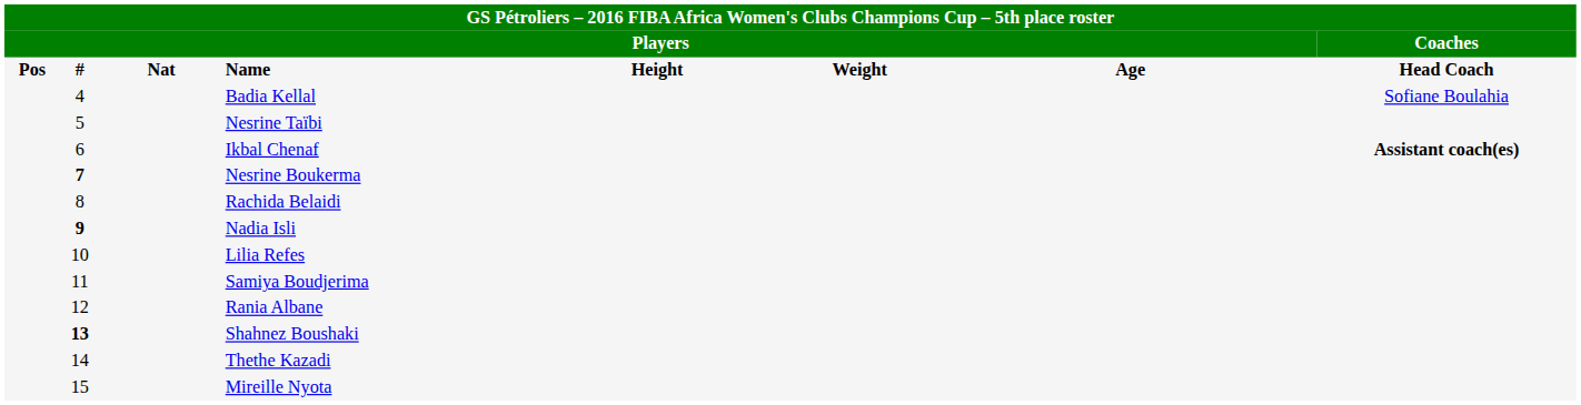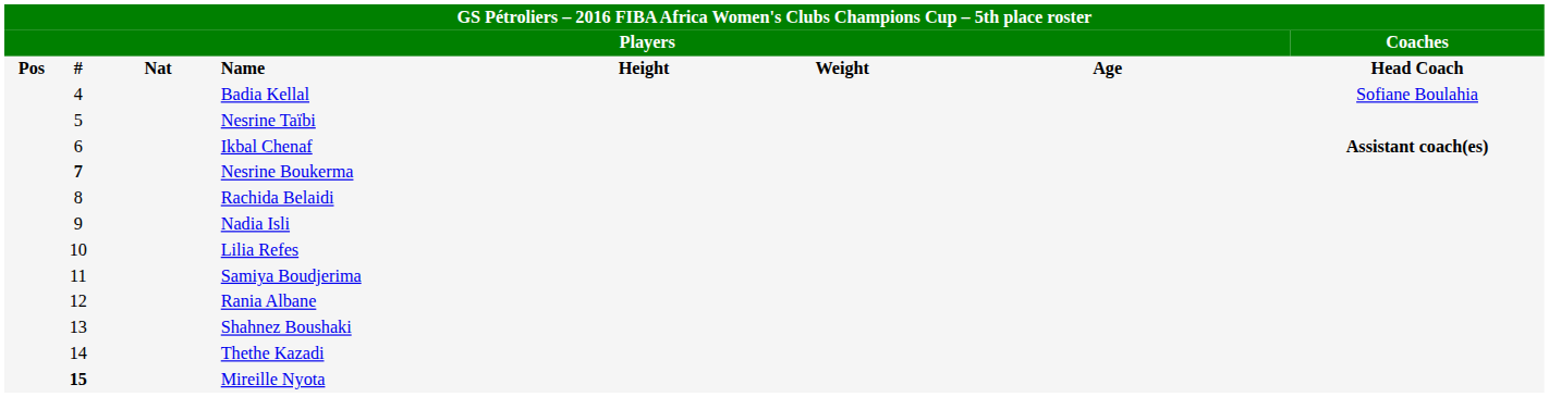 <table border=0 cellpadding=2 cellspacing=0  |- bgcolor=#f5f5f5 style="text-align:center; font-size:85%;" width=75%>
 <tr>
 <td colspan="8" style="background: green; color: white"><strong>GS Pétroliers – 2016 FIBA Africa Women's Clubs Champions Cup – 5th place roster</strong></td>
 </tr>
 <tr>
 <td colspan="7" style="background: green; color: white"><strong>Players</strong></td>
 <td style="background: green; color: white"><strong>Coaches</strong></td>
 </tr>
 <tr style="background=#f5f5f5; color: black">
 <th width=5px>Pos</th>
 <th width=5px>#</th>
 <th width=50px>Nat</th>
 <th width=135px align=left>Name</th>
 <th width=100px>Height</th>
 <th width=70px>Weight</th>
 <th width=160px>Age</th>
 <th width=110px>Head Coach</th>
 </tr>
 <tr>
 <td></td>
 <td>4</td>
 <td></td>
 <td align=left><a href='#'>Badia Kellal</a></td>
 <td></td>
 <td></td>
 <td><span></span></td>
 <td> <a href='#'>Sofiane Boulahia</a></td>
 </tr>
 <tr>
 <td></td>
 <td>5</td>
 <td></td>
 <td align=left><a href='#'>Nesrine Taïbi</a></td>
 <td><span></span></td>
 <td></td>
 <td><span></span></td>
 </tr>
 <tr>
 <td></td>
 <td>6</td>
 <td></td>
 <td align=left><a href='#'>Ikbal Chenaf</a></td>
 <td><span></span></td>
 <td></td>
 <td><span></span></td>
 <td><strong>Assistant coach(es)</strong></td>
 </tr>
 <tr>
 <td></td>
 <td><strong>7</strong></td>
 <td></td>
 <td align=left><a href='#'>Nesrine Boukerma</a></td>
 <td></td>
 <td></td>
 <td><span></span></td>
 <td></td>
 </tr>
 <tr>
 <td></td>
 <td>8</td>
 <td></td>
 <td align=left><a href='#'>Rachida Belaidi</a></td>
 <td></td>
 <td></td>
 <td><span></span></td>
 </tr>
 <tr>
 <td></td>
-<td><strong>9</strong></td>
+<td>9</td>
 <td></td>
 <td align=left><a href='#'>Nadia Isli</a></td>
 <td><span></span></td>
 <td></td>
 <td><span></span></td>
 </tr>
 <tr>
 <td></td>
 <td>10</td>
 <td></td>
 <td align=left><a href='#'>Lilia Refes</a></td>
 <td><span></span></td>
 <td></td>
 <td><span></span></td>
 </tr>
 <tr>
 <td></td>
 <td>11</td>
 <td></td>
 <td align=left><a href='#'>Samiya Boudjerima</a></td>
 <td><span></span></td>
 <td></td>
 <td><span></span></td>
 </tr>
 <tr>
 <td></td>
 <td>12</td>
 <td></td>
 <td align=left><a href='#'>Rania Albane</a></td>
 <td></td>
 <td></td>
 <td><span></span></td>
 </tr>
 <tr>
 <td></td>
-<td><strong>13</strong></td>
+<td>13</td>
 <td></td>
 <td align=left><a href='#'>Shahnez Boushaki</a></td>
 <td><span></span></td>
 <td></td>
 <td><span></span></td>
 </tr>
 <tr>
 <td></td>
 <td>14</td>
 <td></td>
 <td align=left><a href='#'>Thethe Kazadi</a></td>
 <td></td>
 <td></td>
 <td><span></span></td>
 </tr>
 <tr>
 <td></td>
-<td>15</td>
+<td><strong>15</strong></td>
 <td></td>
 <td align=left><a href='#'>Mireille Nyota</a></td>
 <td></td>
 <td></td>
 <td><span></span></td>
 </tr>
 </table>
